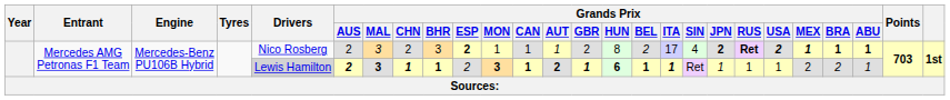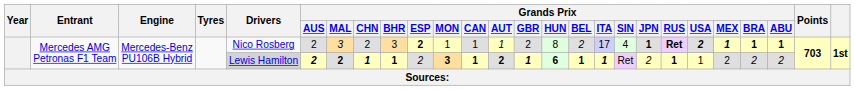 <table class="wikitable" style="text-align:center; font-size:90%">
 <tr>
 <th rowspan="2">Year</th>
 <th rowspan="2">Entrant</th>
 <th rowspan="2">Engine</th>
 <th rowspan="2">Tyres</th>
 <th rowspan="2">Drivers</th>
 <th colspan="19">Grands Prix</th>
 <th rowspan="2">Points</th>
 <th rowspan="2"></th>
 </tr>
 <tr>
 <th><a href='#'>AUS</a></th>
 <th><a href='#'>MAL</a></th>
 <th><a href='#'>CHN</a></th>
 <th><a href='#'>BHR</a></th>
 <th><a href='#'>ESP</a></th>
 <th><a href='#'>MON</a></th>
 <th><a href='#'>CAN</a></th>
 <th><a href='#'>AUT</a></th>
 <th><a href='#'>GBR</a></th>
 <th><a href='#'>HUN</a></th>
 <th><a href='#'>BEL</a></th>
 <th><a href='#'>ITA</a></th>
 <th><a href='#'>SIN</a></th>
 <th><a href='#'>JPN</a></th>
 <th><a href='#'>RUS</a></th>
 <th><a href='#'>USA</a></th>
 <th><a href='#'>MEX</a></th>
 <th><a href='#'>BRA</a></th>
 <th><a href='#'>ABU</a></th>
 </tr>
 <tr>
 <th rowspan=2></th>
 <td rowspan=2><a href='#'>Mercedes AMG<br>Petronas F1 Team</a></td>
 <td rowspan=2><a href='#'>Mercedes-Benz<br>PU106B Hybrid</a></td>
 <td rowspan=2></td>
 <td align="center"><a href='#'>Nico Rosberg</a></td>
 <td style="background-color:#DFDFDF">2</td>
 <td style="background-color:#ffdf9f"><em>3</em></td>
 <td style="background-color:#DFDFDF">2</td>
 <td style="background-color:#ffdf9f">3</td>
 <td style="background-color:#ffffbf"><strong>2</strong></td>
 <td style="background-color:#ffffbf">1</td>
 <td style="background-color:#dfdfdf">1</td>
 <td style="background-color:#ffffbf"><em>1</em></td>
 <td style="background-color:#DFDFDF">2</td>
 <td style="background-color:#DFFFDF">8</td>
 <td style="background-color:#dfdfdf"><em>2</em></td>
 <td style="background-color:#CFCFFF">17</td>
 <td style="background-color:#DFFFDF">4</td>
-<td style="background-color:#DFDFDF"><strong>2</strong></td>
+<td style="background-color:#DFDFDF"><strong>1</strong></td>
 <td style="background-color:#efcfff"><strong>Ret</strong></td>
 <td style="background-color:#DFDFDF"><strong><em>2</em></strong></td>
 <td style="background-color:#ffffbf"><strong><em>1</em></strong></td>
 <td style="background-color:#ffffbf"><strong>1</strong></td>
 <td style="background-color:#ffffbf"><strong>1</strong></td>
 <td rowspan="2" style="background-color:#ffffbf"><strong>703</strong></td>
 <td rowspan="2" style="background-color:#ffffbf"><strong>1st</strong></td>
 </tr>
 <tr>
 <td align="center" style="background: lightgrey;"><a href='#'>Lewis Hamilton</a></td>
 <td style="background-color:#ffffbf"><strong><em>2</em></strong></td>
-<td style="background-color:#DFDFDF"><strong>3</strong></td>
+<td style="background-color:#DFDFDF"><strong>2</strong></td>
 <td style="background-color:#ffffbf"><strong><em>1</em></strong></td>
 <td style="background-color:#ffffbf"><strong>1</strong></td>
 <td style="background-color:#DFDFDF"><em>2</em></td>
 <td style="background-color:#ffdf9f"><strong>3</strong></td>
 <td style="background-color:#ffffbf"><strong>1</strong></td>
 <td style="background-color:#dfdfdf"><strong>2</strong></td>
 <td style="background-color:#ffffbf"><strong><em>1</em></strong></td>
 <td style="background-color:#DFFFDF"><strong>6</strong></td>
 <td style="background-color:#ffffbf"><strong>1</strong></td>
 <td style="background-color:#ffffbf"><strong><em>1</em></strong></td>
 <td style="background-color:#EFCFFF">Ret</td>
-<td style="background-color:#ffffbf"><em>1</em></td>
-<td style="background-color:#ffffbf">1</td>
+<td style="background-color:#ffffbf"><em>2</em></td>
+<td style="background-color:#ffffbf"><strong>1</strong></td>
 <td style="background-color:#ffffbf">1</td>
 <td style="background-color:#DFDFDF">2</td>
 <td style="background-color:#DFDFDF"><em>2</em></td>
-<td style="background-color:#DFDFDF"><em>1</em></td>
+<td style="background-color:#DFDFDF"><em>2</em></td>
 </tr>
 <tr>
 <th colspan="26">Sources:</th>
 </tr>
 </table>
